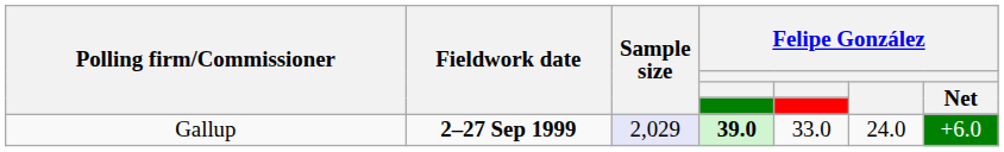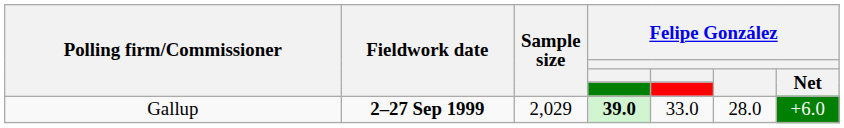 <table class="wikitable collapsible collapsed" style="text-align:center; font-size:90%; line-height:14px;">
 <tr style="height:42px;">
 <th style="width:250px;" rowspan="4">Polling firm/Commissioner</th>
 <th style="width:125px;" rowspan="4">Fieldwork date</th>
 <th style="width:50px;" rowspan="4">Sample size</th>
 <th style="width:185px;" colspan="4"><a href='#'>Felipe González</a><br></th>
 </tr>
 <tr>
 <th colspan="4" style="background:"></th>
 </tr>
 <tr>
 <th style="width:30px;"></th>
 <th style="width:30px;"></th>
 <th style="width:30px;" rowspan="2"></th>
 <th style="width:30px;" rowspan="2">Net</th>
 </tr>
 <tr>
 <th style="color:inherit;background:#008000;"></th>
 <th style="color:inherit;background:#FF0000;"></th>
 </tr>
 <tr>
 <td>Gallup</td>
 <td><strong>2–27 Sep 1999</strong></td>
-<td style="background: lavender;">2,029</td>
+<td>2,029</td>
 <td style="background:#D1F5D1;"><strong>39.0</strong></td>
 <td>33.0</td>
-<td>24.0</td>
+<td>28.0</td>
 <td style="background:#008000; color:white;">+6.0</td>
 </tr>
 </table>
